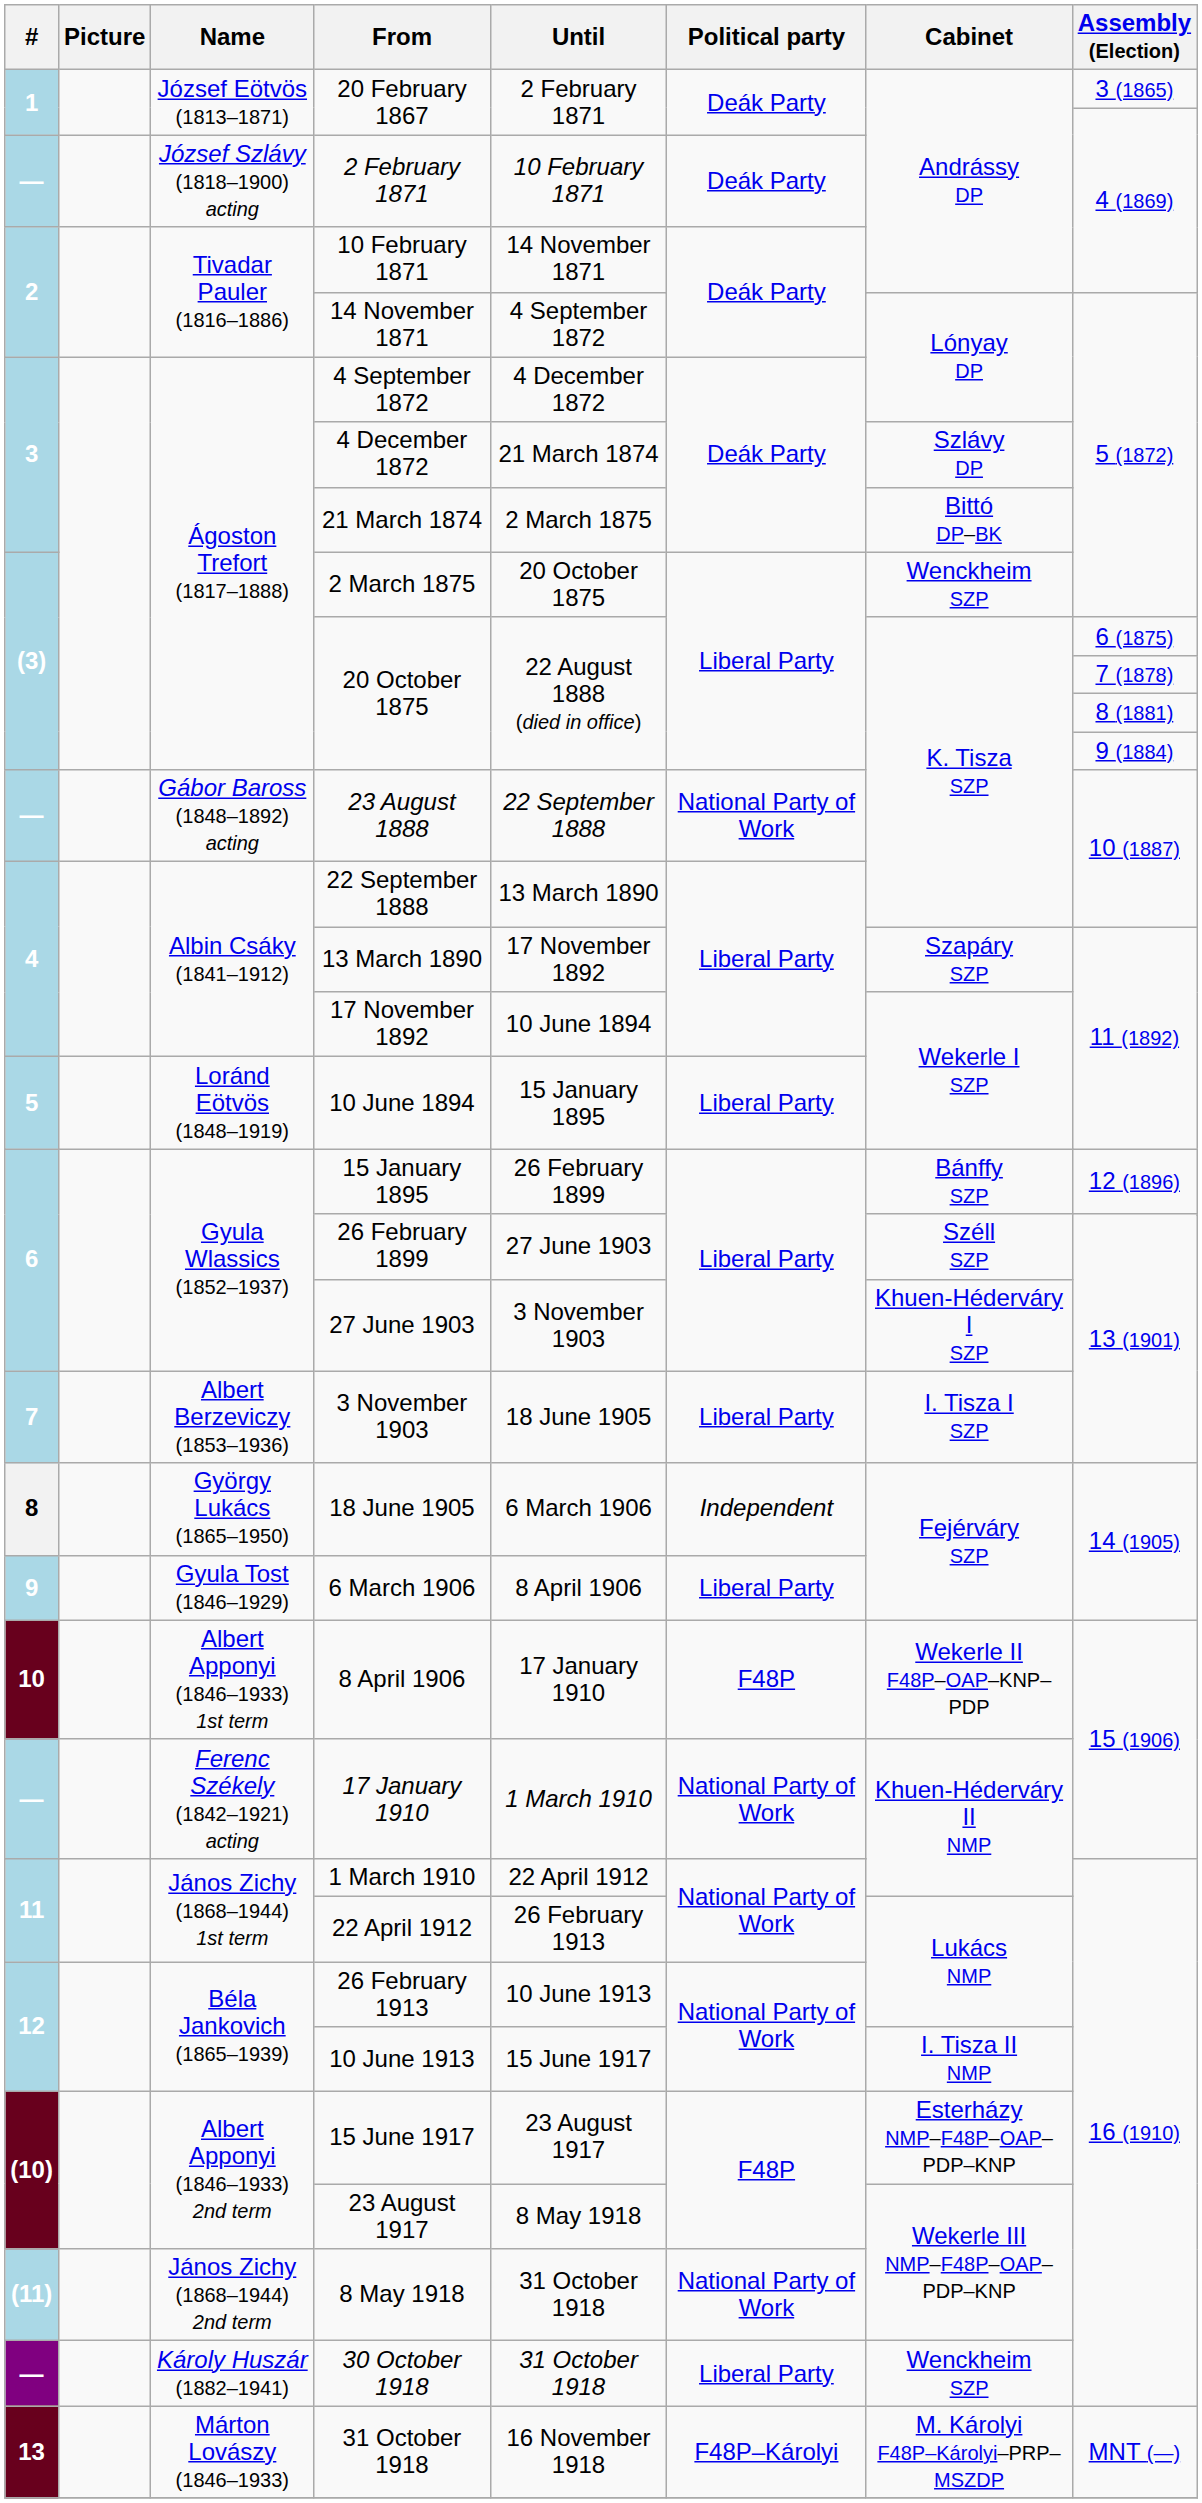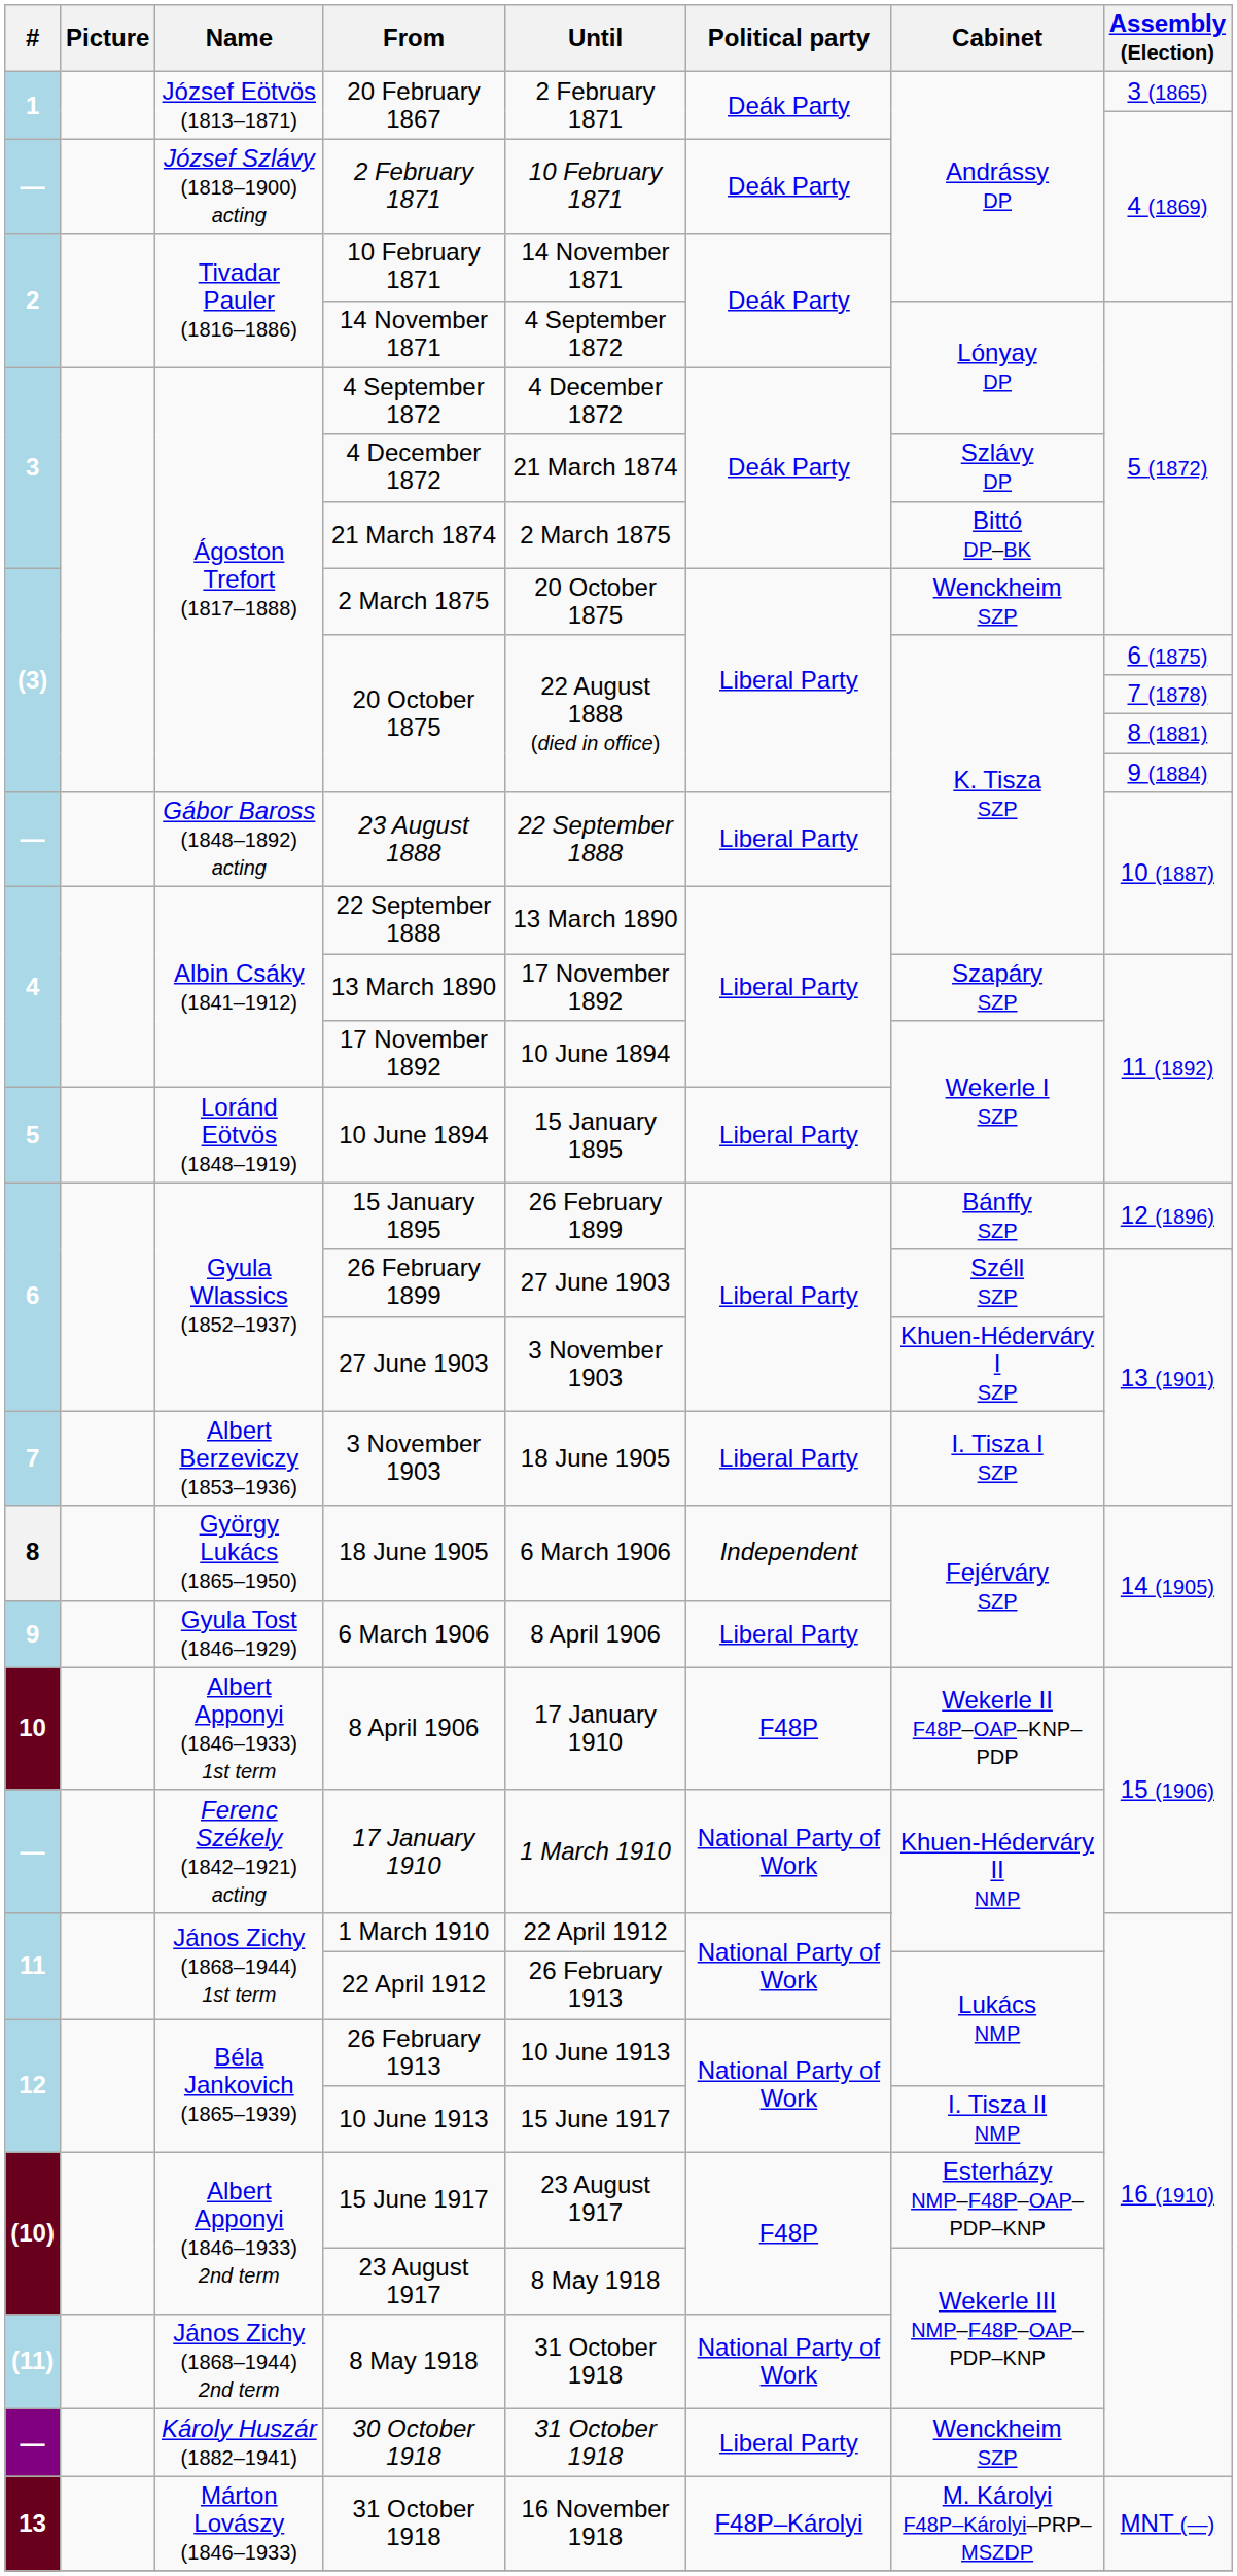 <table width=90% class="wikitable" style="text-align:center">
 <tr>
 <th>#</th>
 <th>Picture</th>
 <th>Name</th>
 <th>From</th>
 <th>Until</th>
 <th>Political party</th>
 <th>Cabinet</th>
 <th><a href='#'>Assembly</a><br><small>(Election)</small></th>
 </tr>
 <tr>
 <th rowspan="2" style="background-color:#AAD8E6; color:white">1</th>
 <td rowspan="2"></td>
 <td rowspan="2"><a href='#'>József Eötvös</a><br><small>(1813–1871)</small></td>
 <td rowspan="2">20 February 1867</td>
 <td rowspan="2">2 February 1871</td>
 <td rowspan="2"><a href='#'>Deák Party</a></td>
 <td rowspan="4"><a href='#'>Andrássy</a><br><small><a href='#'>DP</a></small></td>
 <td><a href='#'>3 <small>(1865)</small></a></td>
 </tr>
 <tr>
 <td rowspan="4"><a href='#'>4 <small>(1869)</small></a></td>
 </tr>
 <tr>
 <th style="background-color:#AAD8E6; color:white">—</th>
 <td></td>
 <td><em><a href='#'>József Szlávy</a></em><br><small>(1818–1900)<br><em>acting</em></small></td>
 <td><em>2 February 1871</em></td>
 <td><em>10 February 1871</em></td>
 <td><a href='#'>Deák Party</a></td>
 </tr>
 <tr>
 <th rowspan="3" style="background-color:#AAD8E6; color:white">2</th>
 <td rowspan="3"></td>
 <td rowspan="3"><a href='#'>Tivadar Pauler</a><br><small>(1816–1886)</small></td>
 <td>10 February 1871</td>
 <td>14 November 1871</td>
 <td rowspan="3"><a href='#'>Deák Party</a></td>
 </tr>
 <tr>
 <td rowspan="2">14 November 1871</td>
 <td rowspan="2">4 September 1872</td>
 <td rowspan="3"><a href='#'>Lónyay</a><br><small><a href='#'>DP</a></small></td>
 </tr>
 <tr>
 <td rowspan="5"><a href='#'>5 <small>(1872)</small></a></td>
 </tr>
 <tr>
 <th rowspan="3" style="background-color:#AAD8E6; color:white">3</th>
 <td rowspan="9"></td>
 <td rowspan="9"><a href='#'>Ágoston Trefort</a><br><small>(1817–1888)</small></td>
 <td>4 September 1872</td>
 <td>4 December 1872</td>
 <td rowspan="3"><a href='#'>Deák Party</a></td>
 </tr>
 <tr>
 <td>4 December 1872</td>
 <td>21 March 1874</td>
 <td><a href='#'>Szlávy</a><br><small><a href='#'>DP</a></small></td>
 </tr>
 <tr>
 <td>21 March 1874</td>
 <td>2 March 1875</td>
 <td><a href='#'>Bittó</a><br><small><a href='#'>DP</a>–<a href='#'>BK</a></small></td>
 </tr>
 <tr>
 <th rowspan="6" style="background-color:#AAD8E6; color:white">(3)</th>
 <td>2 March 1875</td>
 <td>20 October 1875</td>
 <td rowspan="6"><a href='#'>Liberal Party</a></td>
 <td><a href='#'>Wenckheim</a><br><small><a href='#'>SZP</a></small></td>
 </tr>
 <tr>
 <td rowspan="5">20 October 1875</td>
 <td rowspan="5">22 August 1888<br><small>(<em>died in office</em>)</small></td>
 <td rowspan="7"><a href='#'>K. Tisza</a><br><small><a href='#'>SZP</a></small></td>
 <td><a href='#'>6 <small>(1875)</small></a></td>
 </tr>
 <tr>
 <td><a href='#'>7 <small>(1878)</small></a></td>
 </tr>
 <tr>
 <td><a href='#'>8 <small>(1881)</small></a></td>
 </tr>
 <tr>
 <td><a href='#'>9 <small>(1884)</small></a></td>
 </tr>
 <tr>
 <td rowspan="3"><a href='#'>10 <small>(1887)</small></a></td>
 </tr>
 <tr>
 <th style="background-color:#AAD8E6; color:white">—</th>
 <td></td>
 <td><em><a href='#'>Gábor Baross</a></em><br><small>(1848–1892)<br><em>acting</em></small></td>
 <td><em>23 August 1888</em></td>
 <td><em>22 September 1888</em></td>
-<td><a href='#'>National Party of Work</a></td>
+<td><a href='#'>Liberal Party</a></td>
 </tr>
 <tr>
 <th rowspan="3" style="background-color:#AAD8E6; color:white">4</th>
 <td rowspan="3"></td>
 <td rowspan="3"><a href='#'>Albin Csáky</a><br><small>(1841–1912)</small></td>
 <td>22 September 1888</td>
 <td>13 March 1890</td>
 <td rowspan="3"><a href='#'>Liberal Party</a></td>
 </tr>
 <tr>
 <td>13 March 1890</td>
 <td>17 November 1892</td>
 <td><a href='#'>Szapáry</a><br><small><a href='#'>SZP</a></small></td>
 <td rowspan="4"><a href='#'>11 <small>(1892)</small></a></td>
 </tr>
 <tr>
 <td>17 November 1892</td>
 <td>10 June 1894</td>
 <td rowspan="2"><a href='#'>Wekerle I</a><br><small><a href='#'>SZP</a></small></td>
 </tr>
 <tr>
 <th style="background-color:#AAD8E6; color:white">5</th>
 <td></td>
 <td><a href='#'>Loránd Eötvös</a><br><small>(1848–1919)</small></td>
 <td>10 June 1894</td>
 <td>15 January 1895</td>
 <td><a href='#'>Liberal Party</a></td>
 </tr>
 <tr>
 <th rowspan="5" style="background-color:#AAD8E6; color:white">6</th>
 <td rowspan="5"></td>
 <td rowspan="5"><a href='#'>Gyula Wlassics</a><br><small>(1852–1937)</small></td>
 <td rowspan="2">15 January 1895</td>
 <td rowspan="2">26 February 1899</td>
 <td rowspan="5"><a href='#'>Liberal Party</a></td>
 <td rowspan="2"><a href='#'>Bánffy</a><br><small><a href='#'>SZP</a></small></td>
 </tr>
 <tr>
 <td rowspan="2"><a href='#'>12 <small>(1896)</small></a></td>
 </tr>
 <tr>
 <td rowspan="2">26 February 1899</td>
 <td rowspan="2">27 June 1903</td>
 <td rowspan="2"><a href='#'>Széll</a><br><small><a href='#'>SZP</a></small></td>
 </tr>
 <tr>
 <td rowspan="3"><a href='#'>13 <small>(1901)</small></a></td>
 </tr>
 <tr>
 <td>27 June 1903</td>
 <td>3 November 1903</td>
 <td><a href='#'>Khuen-Héderváry I</a><br><small><a href='#'>SZP</a></small></td>
 </tr>
 <tr>
 <th style="background-color:#AAD8E6; color:white">7</th>
 <td></td>
 <td><a href='#'>Albert Berzeviczy</a><br><small>(1853–1936)</small></td>
 <td>3 November 1903</td>
 <td>18 June 1905</td>
 <td><a href='#'>Liberal Party</a></td>
 <td><a href='#'>I. Tisza I</a><br><small><a href='#'>SZP</a></small></td>
 </tr>
 <tr>
 <th style="background:">8</th>
 <td></td>
 <td><a href='#'>György Lukács</a><br><small>(1865–1950)</small></td>
 <td>18 June 1905</td>
 <td>6 March 1906</td>
 <td><em>Independent</em></td>
 <td rowspan="2"><a href='#'>Fejérváry</a><br><small><a href='#'>SZP</a></small></td>
 <td rowspan="2"><a href='#'>14 <small>(1905)</small></a></td>
 </tr>
 <tr>
 <th style="background-color:#AAD8E6; color:white">9</th>
 <td></td>
 <td><a href='#'>Gyula Tost</a><br><small>(1846–1929)</small></td>
 <td>6 March 1906</td>
 <td>8 April 1906</td>
 <td><a href='#'>Liberal Party</a></td>
 </tr>
 <tr>
 <th style="background-color:#68001D; color:white">10</th>
 <td></td>
 <td><a href='#'>Albert Apponyi</a><br><small>(1846–1933)<br><em>1st term</em></small></td>
 <td>8 April 1906</td>
 <td>17 January 1910</td>
 <td><a href='#'>F48P</a></td>
 <td><a href='#'>Wekerle II</a><br><small><a href='#'>F48P</a>–<a href='#'>OAP</a>–KNP–PDP</small></td>
 <td rowspan="3"><a href='#'>15 <small>(1906)</small></a></td>
 </tr>
 <tr>
 <th style="background-color:#AAD8E6; color:white">—</th>
 <td></td>
 <td><em><a href='#'>Ferenc Székely</a></em><br><small>(1842–1921)<br><em>acting</em></small></td>
 <td><em>17 January 1910</em></td>
 <td><em>1 March 1910</em></td>
 <td><a href='#'>National Party of Work</a></td>
 <td rowspan="3"><a href='#'>Khuen-Héderváry II</a><br><small><a href='#'>NMP</a></small></td>
 </tr>
 <tr>
 <th rowspan="3" style="background-color:#AAD8E6; color:white">11</th>
 <td rowspan="3"></td>
 <td rowspan="3"><a href='#'>János Zichy</a><br><small>(1868–1944)<br><em>1st term</em></small></td>
 <td rowspan="2">1 March 1910</td>
 <td rowspan="2">22 April 1912</td>
 <td rowspan="3"><a href='#'>National Party of Work</a></td>
 </tr>
 <tr>
 <td rowspan="8"><a href='#'>16 <small>(1910)</small></a></td>
 </tr>
 <tr>
 <td>22 April 1912</td>
 <td>26 February 1913</td>
 <td rowspan="2"><a href='#'>Lukács</a><br><small><a href='#'>NMP</a></small></td>
 </tr>
 <tr>
 <th rowspan="2" style="background-color:#AAD8E6; color:white">12</th>
 <td rowspan="2"></td>
 <td rowspan="2"><a href='#'>Béla Jankovich</a><br><small>(1865–1939)</small></td>
 <td>26 February 1913</td>
 <td>10 June 1913</td>
 <td rowspan="2"><a href='#'>National Party of Work</a></td>
 </tr>
 <tr>
 <td>10 June 1913</td>
 <td>15 June 1917</td>
 <td><a href='#'>I. Tisza II</a><br><small><a href='#'>NMP</a></small></td>
 </tr>
 <tr>
 <th rowspan="2" style="background-color:#68001D; color:white">(10)</th>
 <td rowspan="2"></td>
 <td rowspan="2"><a href='#'>Albert Apponyi</a><br><small>(1846–1933)<br><em>2nd term</em></small></td>
 <td>15 June 1917</td>
 <td>23 August 1917</td>
 <td rowspan="2"><a href='#'>F48P</a></td>
 <td><a href='#'>Esterházy</a><br><small><a href='#'>NMP</a>–<a href='#'>F48P</a>–<a href='#'>OAP</a>–PDP–KNP</small></td>
 </tr>
 <tr>
 <td>23 August 1917</td>
 <td>8 May 1918</td>
 <td rowspan="2"><a href='#'>Wekerle III</a><br><small><a href='#'>NMP</a>–<a href='#'>F48P</a>–<a href='#'>OAP</a>–PDP–KNP</small></td>
 </tr>
 <tr>
 <th style="background-color:#AAD8E6; color:white">(11)</th>
 <td></td>
 <td><a href='#'>János Zichy</a><br><small>(1868–1944)<br><em>2nd term</em></small></td>
 <td>8 May 1918</td>
 <td>31 October 1918</td>
 <td><a href='#'>National Party of Work</a></td>
 </tr>
 <tr>
 <th style="background-color:#800080; color:white">—</th>
 <td></td>
 <td><em><a href='#'>Károly Huszár</a></em><br><small>(1882–1941)</small></td>
 <td><em>30 October 1918</em></td>
 <td><em>31 October 1918</em></td>
 <td><a href='#'>Liberal Party</a></td>
 <td><a href='#'>Wenckheim</a><br><small><a href='#'>SZP</a></small></td>
 </tr>
 <tr>
 <th style="background-color:#68001D; color:white">13</th>
 <td></td>
 <td><a href='#'>Márton Lovászy</a><br><small>(1846–1933)</small></td>
 <td>31 October 1918</td>
 <td>16 November 1918</td>
 <td><a href='#'>F48P–Károlyi</a></td>
 <td><a href='#'>M. Károlyi</a><br><small><a href='#'>F48P–Károlyi</a>–PRP–<a href='#'>MSZDP</a></small></td>
 <td><a href='#'>MNT <small>(—)</small></a></td>
 </tr>
 <tr>
 </tr>
 </table>
